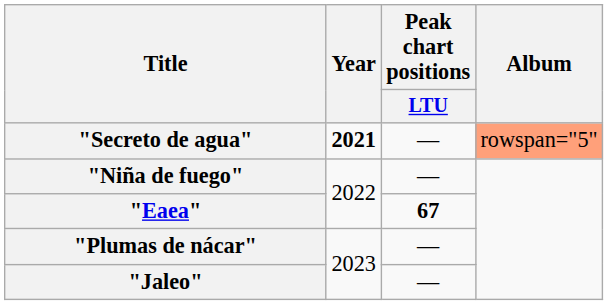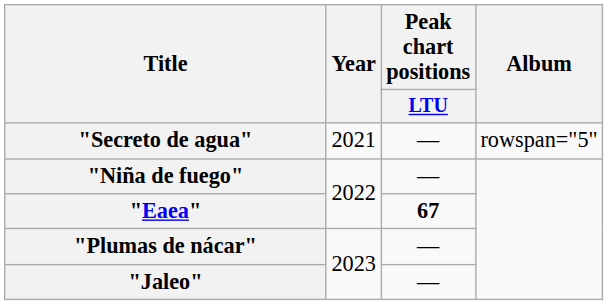 <table class="wikitable plainrowheaders" style="text-align:center;">
 <tr>
 <th scope="col" rowspan="2" style="width:14em;">Title</th>
 <th scope="col" rowspan="2">Year</th>
 <th scope="col" colspan="1">Peak chart positions</th>
 <th scope="col" rowspan="2">Album</th>
 </tr>
 <tr>
 <th style="width:3em;font-size:90%;"><a href='#'>LTU</a><br></th>
 </tr>
 <tr>
 <th scope="row">"Secreto de agua"</th>
-<td><strong>2021</strong></td>
+<td>2021</td>
 <td>—</td>
-<td style="background: lightsalmon;">rowspan="5" </td>
+<td>rowspan="5" </td>
 </tr>
 <tr>
 <th scope="row">"Niña de fuego"</th>
 <td rowspan="2">2022</td>
 <td>—</td>
 </tr>
 <tr>
 <th scope="row">"<a href='#'>Eaea</a>"</th>
 <td><strong>67</strong></td>
 </tr>
 <tr>
 <th scope= "row">"Plumas de nácar"</th>
 <td rowspan="2">2023</td>
 <td>—</td>
 </tr>
 <tr>
 <th scope= "row">"Jaleo"</th>
 <td>—</td>
 </tr>
 </table>
